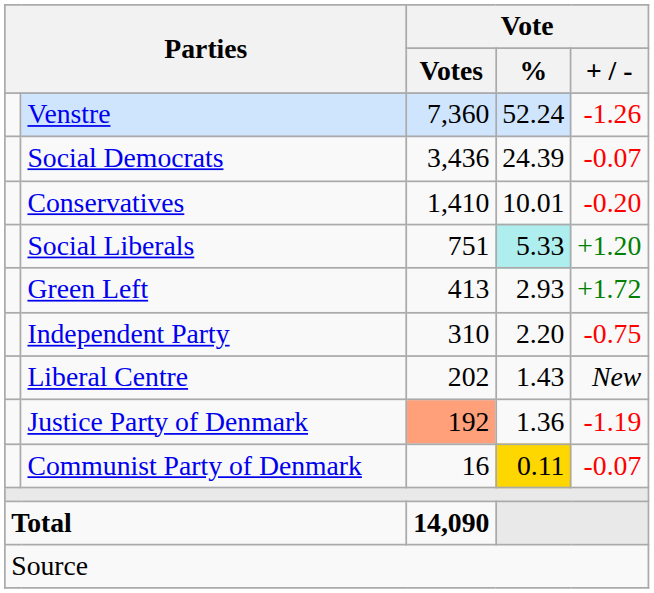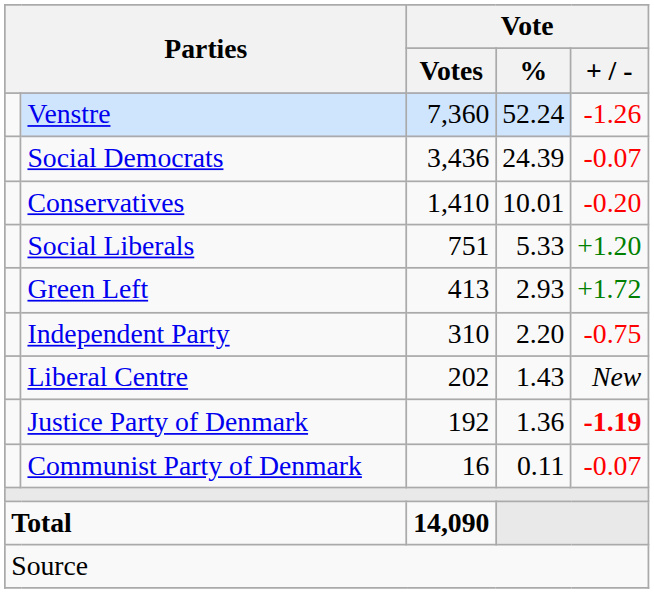 <table class="wikitable" style="text-align:right;">
 <tr>
 <th style="text-align:centre;" rowspan="2" colspan="2" width="225">Parties</th>
 <th colspan="3">Vote</th>
 </tr>
 <tr>
 <th width="15">Votes</th>
 <th width="15">%</th>
 <th width="15">+ / -</th>
 </tr>
 <tr>
 <td width="2" style="color:inherit;background:"></td>
 <td bgcolor=#cfe5fe  align="left"><a href='#'>Venstre</a></td>
 <td bgcolor=#cfe5fe>7,360</td>
 <td bgcolor=#cfe5fe>52.24</td>
 <td style=color:red;>-1.26</td>
 </tr>
 <tr>
 <td width="2" style="color:inherit;background:"></td>
 <td align="left"><a href='#'>Social Democrats</a></td>
 <td>3,436</td>
 <td>24.39</td>
 <td style=color:red;>-0.07</td>
 </tr>
 <tr>
 <td width="2" style="color:inherit;background:"></td>
 <td align="left"><a href='#'>Conservatives</a></td>
 <td>1,410</td>
 <td>10.01</td>
 <td style=color:red;>-0.20</td>
 </tr>
 <tr>
 <td width="2" style="color:inherit;background:"></td>
 <td align="left"><a href='#'>Social Liberals</a></td>
 <td>751</td>
-<td style="background: paleturquoise;">5.33</td>
+<td>5.33</td>
 <td style=color:green;>+1.20</td>
 </tr>
 <tr>
 <td width="2" style="color:inherit;background:"></td>
 <td align="left"><a href='#'>Green Left</a></td>
 <td>413</td>
 <td>2.93</td>
 <td style=color:green;>+1.72</td>
 </tr>
 <tr>
 <td width="2" style="color:inherit;background:"></td>
 <td align="left"><a href='#'>Independent Party</a></td>
 <td>310</td>
 <td>2.20</td>
 <td style=color:red;>-0.75</td>
 </tr>
 <tr>
 <td width="2" style="color:inherit;background:"></td>
 <td align="left"><a href='#'>Liberal Centre</a></td>
 <td>202</td>
 <td>1.43</td>
 <td><em>New</em></td>
 </tr>
 <tr>
 <td width="2" style="color:inherit;background:"></td>
 <td align="left"><a href='#'>Justice Party of Denmark</a></td>
-<td style="background: lightsalmon;">192</td>
+<td>192</td>
 <td>1.36</td>
-<td style=color:red;>-1.19</td>
+<td style=color:red;><strong>-1.19</strong></td>
 </tr>
 <tr>
 <td width="2" style="color:inherit;background:"></td>
 <td align="left"><a href='#'>Communist Party of Denmark</a></td>
 <td>16</td>
-<td style="background: gold;">0.11</td>
+<td>0.11</td>
 <td style=color:red;>-0.07</td>
 </tr>
 <tr>
 <td colspan="7" bgcolor="#E9E9E9"></td>
 </tr>
 <tr>
 <td align="left" colspan="2"><strong>Total</strong></td>
 <td><strong>14,090</strong></td>
 <td bgcolor="#E9E9E9" colspan="2"></td>
 </tr>
 <tr>
 <td align="left" colspan="6">Source</td>
 </tr>
 </table>
